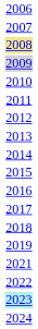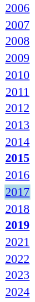 <table>
 <tr>
 <td align="center"><a href='#'>2006</a></td>
 <td></td>
 <td></td>
 <td></td>
 </tr>
 <tr>
 <td align="center"><a href='#'>2007</a></td>
 <td></td>
 <td></td>
 <td></td>
 </tr>
 <tr>
-<td align="center" style="background: khaki;"><a href='#'>2008</a></td>
+<td align="center"><a href='#'>2008</a></td>
 <td></td>
 <td></td>
 <td></td>
 </tr>
 <tr>
-<td align="center" style="background: lightgrey;"><a href='#'>2009</a></td>
+<td align="center"><a href='#'>2009</a></td>
 <td></td>
 <td></td>
 <td></td>
 </tr>
 <tr>
 <td align="center"><a href='#'>2010</a></td>
 <td></td>
 <td></td>
 <td></td>
 </tr>
 <tr>
 <td align="center"><a href='#'>2011</a></td>
 <td></td>
 <td></td>
 <td></td>
 </tr>
 <tr>
 <td align="center"><a href='#'>2012</a></td>
 <td></td>
 <td></td>
 <td></td>
 </tr>
 <tr>
 <td align="center"><a href='#'>2013</a></td>
 <td></td>
 <td></td>
 <td></td>
 </tr>
 <tr>
 <td align="center"><a href='#'>2014</a></td>
 <td></td>
 <td></td>
 <td></td>
 </tr>
 <tr>
-<td align="center"><a href='#'>2015</a></td>
+<td align="center"><strong><a href='#'>2015</a></strong></td>
 <td></td>
 <td></td>
 <td></td>
 </tr>
 <tr>
 <td align="center"><a href='#'>2016</a></td>
 <td></td>
 <td></td>
 <td></td>
 </tr>
 <tr>
-<td align="center"><a href='#'>2017</a></td>
+<td align="center" style="background: lightblue;"><a href='#'>2017</a></td>
 <td></td>
 <td></td>
 <td></td>
 </tr>
 <tr>
 <td align="center"><a href='#'>2018</a></td>
 <td></td>
 <td></td>
 <td></td>
 </tr>
 <tr>
-<td align="center"><a href='#'>2019</a></td>
+<td align="center"><strong><a href='#'>2019</a></strong></td>
 <td></td>
 <td></td>
 <td></td>
 </tr>
 <tr>
 <td align="center"><a href='#'>2021</a></td>
 <td></td>
 <td></td>
 <td></td>
 </tr>
 <tr>
 <td align="center"><a href='#'>2022</a></td>
 <td></td>
 <td></td>
 <td></td>
 </tr>
 <tr>
-<td align="center" style="background: paleturquoise;"><a href='#'>2023</a></td>
+<td align="center"><a href='#'>2023</a></td>
 <td></td>
 <td></td>
 <td></td>
 </tr>
 <tr>
 <td align="center"><a href='#'>2024</a></td>
 <td></td>
 <td></td>
 <td></td>
 </tr>
 </table>
